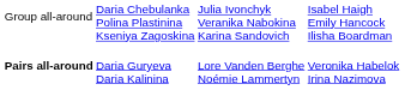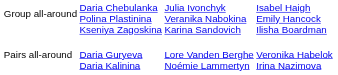 <table>
 <tr>
 <td>Group all-around<br></td>
 <td><br><a href='#'>Daria Chebulanka</a><br><a href='#'>Polina Plastinina</a><br><a href='#'>Kseniya Zagoskina</a></td>
 <td><br><a href='#'>Julia Ivonchyk</a><br><a href='#'>Veranika Nabokina</a><br><a href='#'>Karina Sandovich</a></td>
 <td><br><a href='#'>Isabel Haigh</a><br><a href='#'>Emily Hancock</a><br><a href='#'>Ilisha Boardman</a></td>
 </tr>
 <tr>
-<td><strong>Pairs all-around<br></strong></td>
+<td>Pairs all-around<br></td>
 <td><br><a href='#'>Daria Guryeva</a><br><a href='#'>Daria Kalinina</a></td>
 <td><br><a href='#'>Lore Vanden Berghe</a><br><a href='#'>Noémie Lammertyn</a></td>
 <td><br><a href='#'>Veronika Habelok</a><br><a href='#'>Irina Nazimova</a></td>
 </tr>
 </table>
